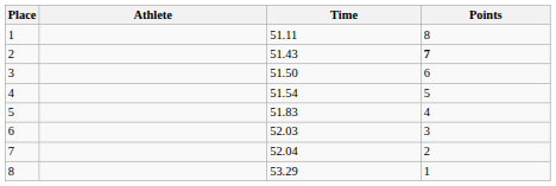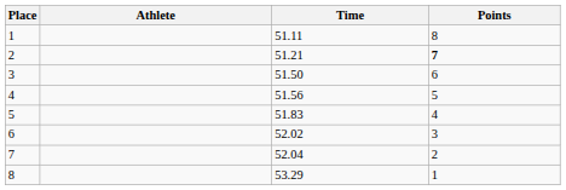 <table class=wikitable>
 <tr>
 <th>Place</th>
 <th style="width:18em">Athlete</th>
 <th style="width:12em">Time</th>
 <th style="width:10em">Points</th>
 </tr>
 <tr>
 <td>1</td>
 <td></td>
 <td>51.11</td>
 <td>8</td>
 </tr>
 <tr>
 <td>2</td>
 <td></td>
-<td>51.43</td>
+<td>51.21</td>
 <td><strong>7</strong></td>
 </tr>
 <tr>
 <td>3</td>
 <td></td>
 <td>51.50</td>
 <td>6</td>
 </tr>
 <tr>
 <td>4</td>
 <td></td>
-<td>51.54</td>
+<td>51.56</td>
 <td>5</td>
 </tr>
 <tr>
 <td>5</td>
 <td></td>
 <td>51.83</td>
 <td>4</td>
 </tr>
 <tr>
 <td>6</td>
 <td></td>
-<td>52.03</td>
+<td>52.02</td>
 <td>3</td>
 </tr>
 <tr>
 <td>7</td>
 <td></td>
 <td>52.04</td>
 <td>2</td>
 </tr>
 <tr>
 <td>8</td>
 <td></td>
 <td>53.29</td>
 <td>1</td>
 </tr>
 </table>
